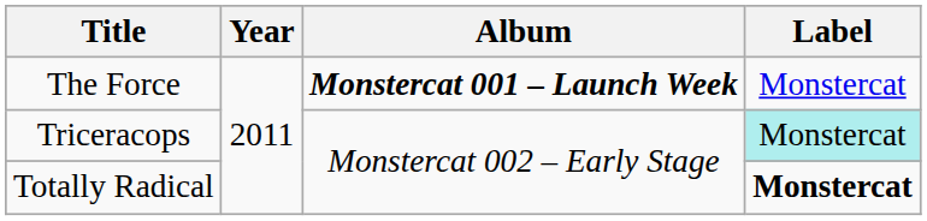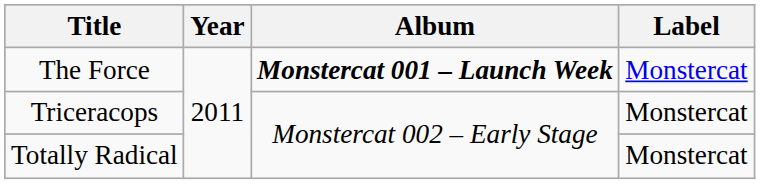 <table class="wikitable plainrowheaders" style="text-align:center;">
 <tr>
 <th scope="col">Title</th>
 <th scope="col">Year</th>
 <th scope="col">Album</th>
 <th scope="col">Label</th>
 </tr>
 <tr>
 <td>The Force</td>
 <td rowspan="3">2011</td>
 <td><strong><em>Monstercat 001 – Launch Week</em></strong></td>
 <td><a href='#'>Monstercat</a></td>
 </tr>
 <tr>
 <td>Triceracops</td>
 <td rowspan="2"><em>Monstercat 002 – Early Stage</em></td>
-<td style="background: paleturquoise;">Monstercat</td>
+<td>Monstercat</td>
 </tr>
 <tr>
 <td>Totally Radical</td>
-<td><strong>Monstercat</strong></td>
+<td>Monstercat</td>
 </tr>
 </table>
